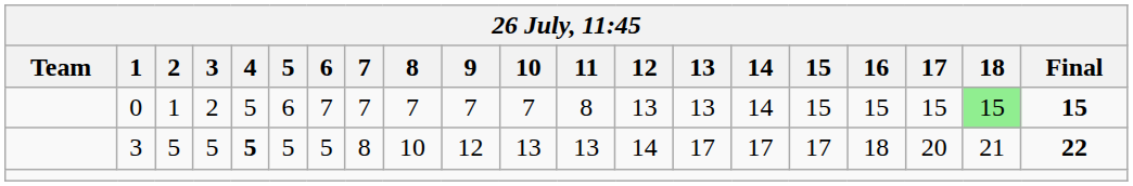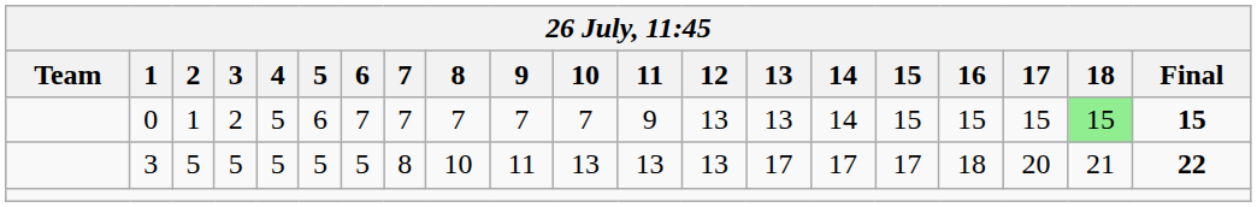 <table class=wikitable style="text-align:center; width: 55%">
 <tr>
 <th colspan=20><em>26 July, 11:45</em></th>
 </tr>
 <tr>
 <th>Team</th>
 <th>1</th>
 <th>2</th>
 <th>3</th>
 <th>4</th>
 <th>5</th>
 <th>6</th>
 <th>7</th>
 <th>8</th>
 <th>9</th>
 <th>10</th>
 <th>11</th>
 <th>12</th>
 <th>13</th>
 <th>14</th>
 <th>15</th>
 <th>16</th>
 <th>17</th>
 <th>18</th>
 <th>Final</th>
 </tr>
 <tr>
 <td align=left></td>
 <td>0</td>
 <td>1</td>
 <td>2</td>
 <td>5</td>
 <td>6</td>
 <td>7</td>
 <td>7</td>
 <td>7</td>
 <td>7</td>
 <td>7</td>
-<td>8</td>
+<td>9</td>
 <td>13</td>
 <td>13</td>
 <td>14</td>
 <td>15</td>
 <td>15</td>
 <td>15</td>
 <td style="background: lightgreen;">15</td>
 <td><strong>15</strong></td>
 </tr>
 <tr>
 <td align=left><strong></strong></td>
 <td>3</td>
 <td>5</td>
 <td>5</td>
-<td><strong>5</strong></td>
+<td>5</td>
 <td>5</td>
 <td>5</td>
 <td>8</td>
 <td>10</td>
-<td>12</td>
+<td>11</td>
 <td>13</td>
 <td>13</td>
-<td>14</td>
+<td>13</td>
 <td>17</td>
 <td>17</td>
 <td>17</td>
 <td>18</td>
 <td>20</td>
 <td>21</td>
 <td><strong>22</strong></td>
 </tr>
 <tr>
 <td colspan=20></td>
 </tr>
 </table>
